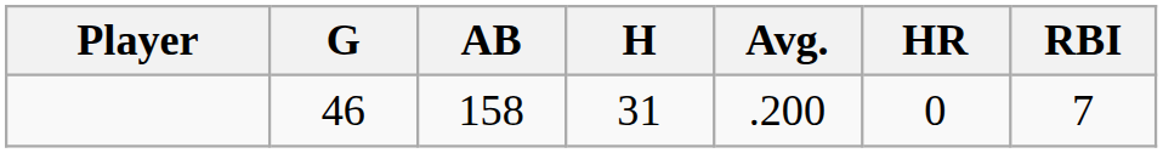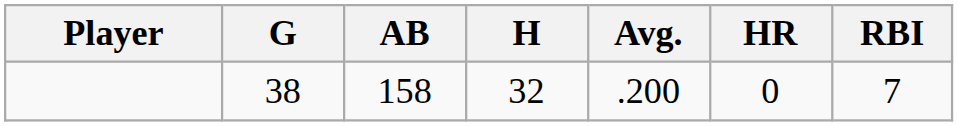 <table class="wikitable sortable">
 <tr>
 <th bgcolor="#DDDDFF" width="16%">Player</th>
 <th bgcolor="#DDDDFF" width="9%">G</th>
 <th bgcolor="#DDDDFF" width="9%">AB</th>
 <th bgcolor="#DDDDFF" width="9%">H</th>
 <th bgcolor="#DDDDFF" width="9%">Avg.</th>
 <th bgcolor="#DDDDFF" width="9%">HR</th>
 <th bgcolor="#DDDDFF" width="9%">RBI</th>
 </tr>
 <tr align="center">
 <td></td>
-<td>46</td>
+<td>38</td>
 <td>158</td>
-<td>31</td>
+<td>32</td>
 <td>.200</td>
 <td>0</td>
 <td>7</td>
 </tr>
 </table>
